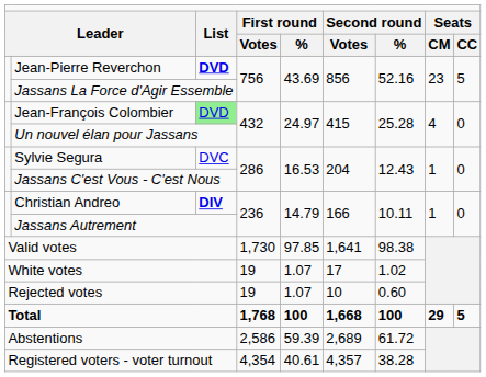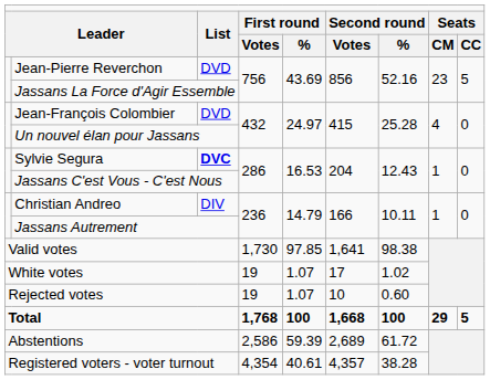 <table class="wikitable">
 <tr>
 <td colspan="9"></td>
 </tr>
 <tr>
 <th colspan="2" rowspan="2">Leader</th>
 <th rowspan="2">List</th>
 <th colspan="2">First round</th>
 <th colspan="2">Second round</th>
 <th colspan="2">Seats</th>
 </tr>
 <tr>
 <th>Votes</th>
 <th>%</th>
 <th>Votes</th>
 <th>%</th>
 <th>CM</th>
 <th>CC</th>
 </tr>
 <tr>
 <td rowspan="2" bgcolor=></td>
 <td>Jean-Pierre Reverchon</td>
-<td><strong><a href='#'>DVD</a></strong></td>
+<td><a href='#'>DVD</a></td>
 <td rowspan="2">756</td>
 <td rowspan="2">43.69</td>
 <td rowspan="2">856</td>
 <td rowspan="2">52.16</td>
 <td rowspan="2">23</td>
 <td rowspan="2">5</td>
 </tr>
 <tr>
 <td colspan="2"><em>Jassans La Force d'Agir Essemble</em></td>
 </tr>
 <tr>
 <td rowspan="2" bgcolor=></td>
 <td>Jean-François Colombier</td>
-<td style="background: lightgreen;"><a href='#'>DVD</a></td>
+<td><a href='#'>DVD</a></td>
 <td rowspan="2">432</td>
 <td rowspan="2">24.97</td>
 <td rowspan="2">415</td>
 <td rowspan="2">25.28</td>
 <td rowspan="2">4</td>
 <td rowspan="2">0</td>
 </tr>
 <tr>
 <td colspan="2"><em>Un nouvel élan pour Jassans</em></td>
 </tr>
 <tr>
 <td rowspan="2" bgcolor=></td>
 <td>Sylvie Segura</td>
-<td><a href='#'>DVC</a></td>
+<td><strong><a href='#'>DVC</a></strong></td>
 <td rowspan="2">286</td>
 <td rowspan="2">16.53</td>
 <td rowspan="2">204</td>
 <td rowspan="2">12.43</td>
 <td rowspan="2">1</td>
 <td rowspan="2">0</td>
 </tr>
 <tr>
 <td colspan="2"><em>Jassans C'est Vous - C'est Nous</em></td>
 </tr>
 <tr>
 <td rowspan="2" bgcolor=></td>
 <td>Christian Andreo</td>
-<td><strong><a href='#'>DIV</a></strong></td>
+<td><a href='#'>DIV</a></td>
 <td rowspan="2">236</td>
 <td rowspan="2">14.79</td>
 <td rowspan="2">166</td>
 <td rowspan="2">10.11</td>
 <td rowspan="2">1</td>
 <td rowspan="2">0</td>
 </tr>
 <tr>
 <td colspan="2"><em>Jassans Autrement</em></td>
 </tr>
 <tr>
 <td colspan="3">Valid votes</td>
 <td>1,730</td>
 <td>97.85</td>
 <td>1,641</td>
 <td>98.38</td>
 <th colspan="2" rowspan="3"></th>
 </tr>
 <tr>
 <td colspan="3">White votes</td>
 <td>19</td>
 <td>1.07</td>
 <td>17</td>
 <td>1.02</td>
 </tr>
 <tr>
 <td colspan="3">Rejected votes</td>
 <td>19</td>
 <td>1.07</td>
 <td>10</td>
 <td>0.60</td>
 </tr>
 <tr>
 <td colspan="3"><strong>Total</strong></td>
 <td><strong>1,768</strong></td>
 <td><strong>100</strong></td>
 <td><strong>1,668</strong></td>
 <td><strong>100</strong></td>
 <td><strong>29</strong></td>
 <td><strong>5</strong></td>
 </tr>
 <tr>
 <td colspan="3">Abstentions</td>
 <td>2,586</td>
 <td>59.39</td>
 <td>2,689</td>
 <td>61.72</td>
 <th colspan="2" rowspan="2"></th>
 </tr>
 <tr>
 <td colspan="3">Registered voters - voter turnout</td>
 <td>4,354</td>
 <td>40.61</td>
 <td>4,357</td>
 <td>38.28</td>
 </tr>
 </table>
